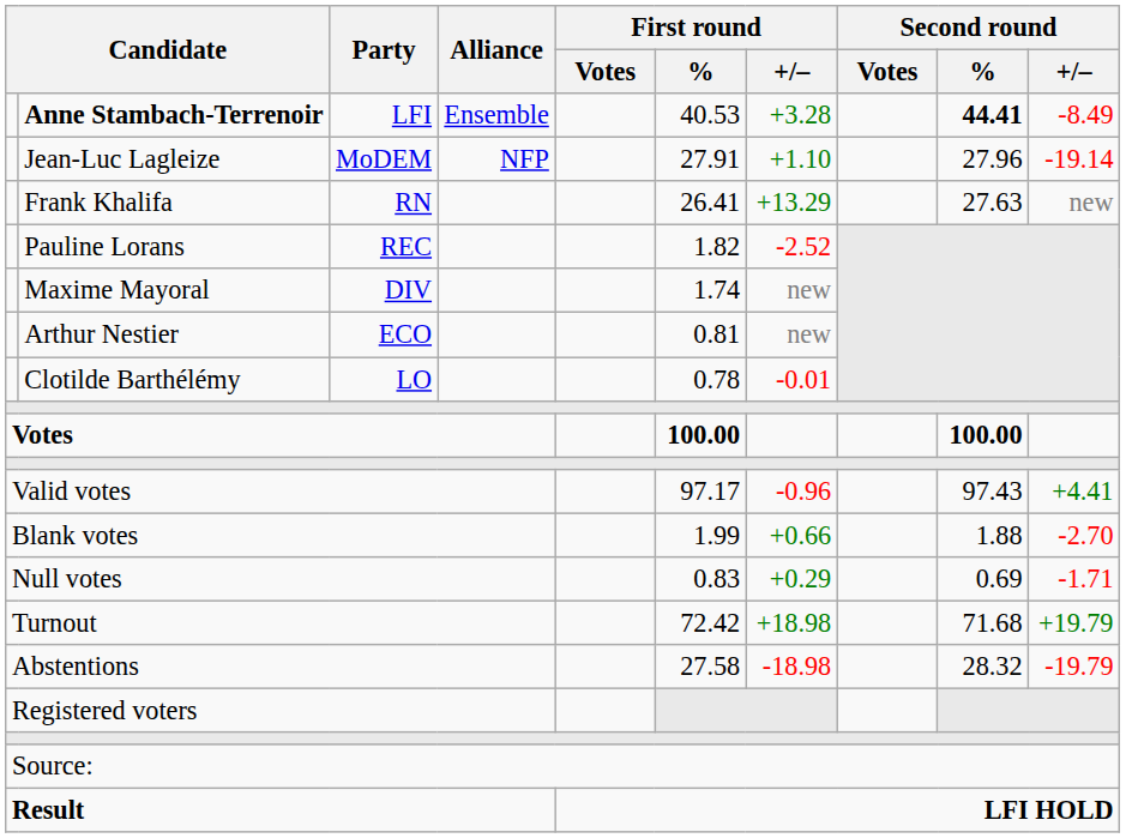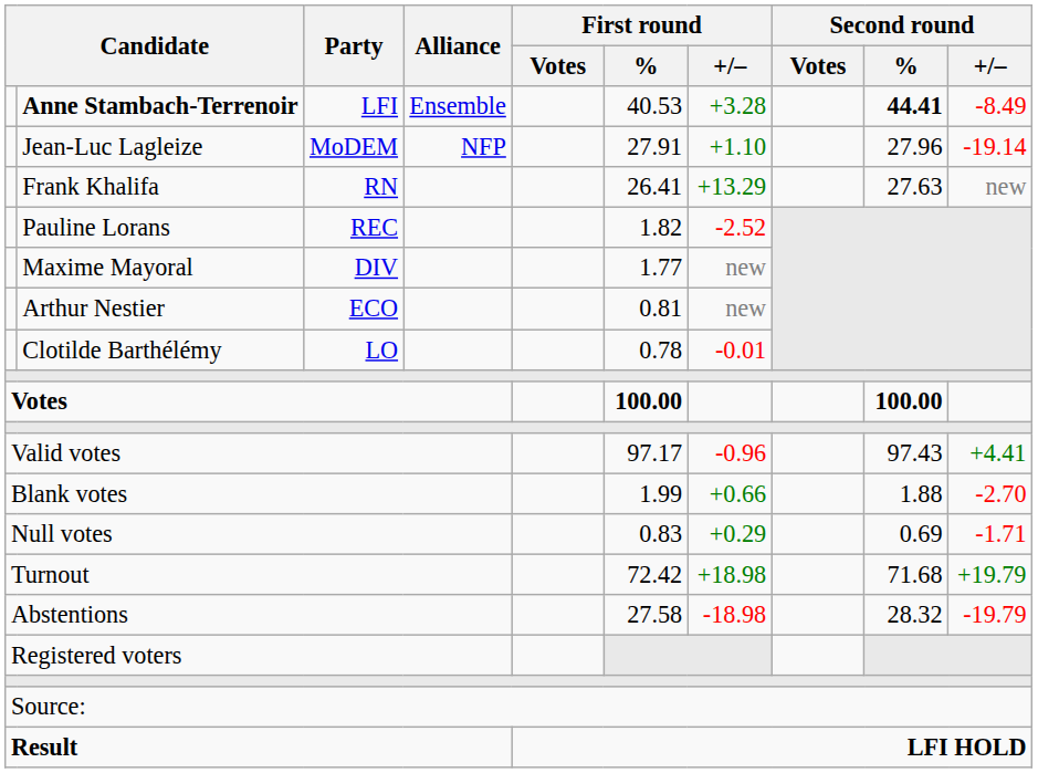 <table class="wikitable" style="text-align:right;font-size:95%;">
 <tr>
 <th rowspan="2" colspan="2">Candidate</th>
 <th colspan="1" rowspan="2">Party</th>
 <th colspan="1" rowspan="2">Alliance</th>
 <th colspan="3">First round</th>
 <th colspan="3">Second round</th>
 </tr>
 <tr>
 <th style="width:50px;">Votes</th>
 <th style="width:45px;">%</th>
 <th style="width:45px;">+/–</th>
 <th style="width:50px;">Votes</th>
 <th style="width:45px;">%</th>
 <th style="width:45px;">+/–</th>
 </tr>
 <tr>
 <td style="color:inherit;background:"></td>
 <td style="text-align:left;"><strong>Anne Stambach-Terrenoir</strong></td>
 <td><a href='#'>LFI</a></td>
 <td><a href='#'>Ensemble</a></td>
 <td></td>
 <td>40.53</td>
 <td style="color:green;">+3.28</td>
 <td><strong></strong></td>
 <td><strong>44.41</strong></td>
 <td style="color:red;">-8.49</td>
 </tr>
 <tr>
 <td style="color:inherit;background:"></td>
 <td style="text-align:left;">Jean-Luc Lagleize</td>
 <td><a href='#'>MoDEM</a></td>
 <td><a href='#'>NFP</a></td>
 <td></td>
 <td>27.91</td>
 <td style="color:green;">+1.10</td>
 <td></td>
 <td>27.96</td>
 <td style="color:red;">-19.14</td>
 </tr>
 <tr>
 <td style="color:inherit;background:"></td>
 <td style="text-align:left;">Frank Khalifa</td>
 <td><a href='#'>RN</a></td>
 <td></td>
 <td></td>
 <td>26.41</td>
 <td style="color:green;">+13.29</td>
 <td></td>
 <td>27.63</td>
 <td style="color:grey;">new</td>
 </tr>
 <tr>
 <td style="color:inherit;background:"></td>
 <td style="text-align:left;">Pauline Lorans</td>
 <td><a href='#'>REC</a></td>
 <td></td>
 <td></td>
 <td>1.82</td>
 <td style="color:red;">-2.52</td>
 <td colspan="3" rowspan="4" style="background:#E9E9E9;"></td>
 </tr>
 <tr>
 <td style="color:inherit;background:"></td>
 <td style="text-align:left;">Maxime Mayoral</td>
 <td><a href='#'>DIV</a></td>
 <td></td>
 <td></td>
-<td>1.74</td>
+<td>1.77</td>
 <td style="color:grey;">new</td>
 </tr>
 <tr>
 <td style="color:inherit;background:"></td>
 <td style="text-align:left;">Arthur Nestier</td>
 <td><a href='#'>ECO</a></td>
 <td></td>
 <td></td>
 <td>0.81</td>
 <td style="color:grey;">new</td>
 </tr>
 <tr>
 <td style="color:inherit;background:"></td>
 <td style="text-align:left;">Clotilde Barthélémy</td>
 <td><a href='#'>LO</a></td>
 <td></td>
 <td></td>
 <td>0.78</td>
 <td style="color:red;">-0.01</td>
 </tr>
 <tr>
 <td colspan="10" style="background:#E9E9E9;"></td>
 </tr>
 <tr style="font-weight:bold;">
 <td colspan="4" style="text-align:left;">Votes</td>
 <td></td>
 <td>100.00</td>
 <td></td>
 <td></td>
 <td>100.00</td>
 <td></td>
 </tr>
 <tr>
 <td colspan="10" style="background:#E9E9E9;"></td>
 </tr>
 <tr>
 <td colspan="4" style="text-align:left;">Valid votes</td>
 <td></td>
 <td>97.17</td>
 <td style="color:red;">-0.96</td>
 <td></td>
 <td>97.43</td>
 <td style="color:green;">+4.41</td>
 </tr>
 <tr>
 <td colspan="4" style="text-align:left;">Blank votes</td>
 <td></td>
 <td>1.99</td>
 <td style="color:green;">+0.66</td>
 <td></td>
 <td>1.88</td>
 <td style="color:red;">-2.70</td>
 </tr>
 <tr>
 <td colspan="4" style="text-align:left;">Null votes</td>
 <td></td>
 <td>0.83</td>
 <td style="color:green;">+0.29</td>
 <td></td>
 <td>0.69</td>
 <td style="color:red;">-1.71</td>
 </tr>
 <tr>
 <td colspan="4" style="text-align:left;">Turnout</td>
 <td></td>
 <td>72.42</td>
 <td style="color:green;">+18.98</td>
 <td></td>
 <td>71.68</td>
 <td style="color:green;">+19.79</td>
 </tr>
 <tr>
 <td colspan="4" style="text-align:left;">Abstentions</td>
 <td></td>
 <td>27.58</td>
 <td style="color:red;">-18.98</td>
 <td></td>
 <td>28.32</td>
 <td style="color:red;">-19.79</td>
 </tr>
 <tr>
 <td colspan="4" style="text-align:left;">Registered voters</td>
 <td></td>
 <td colspan="2" style="background:#E9E9E9;"></td>
 <td></td>
 <td colspan="2" style="background:#E9E9E9;"></td>
 </tr>
 <tr>
 <td colspan="10" style="background:#E9E9E9;"></td>
 </tr>
 <tr>
 <td colspan="10" style="text-align:left;">Source: </td>
 </tr>
 <tr style="font-weight:bold">
 <td colspan="4" style="text-align:left;">Result</td>
 <td colspan="6" style="background-color:">LFI HOLD</td>
 </tr>
 </table>
